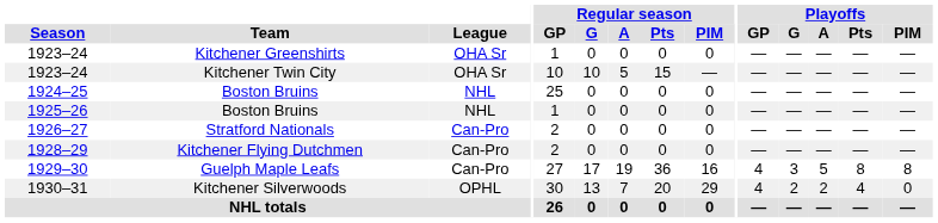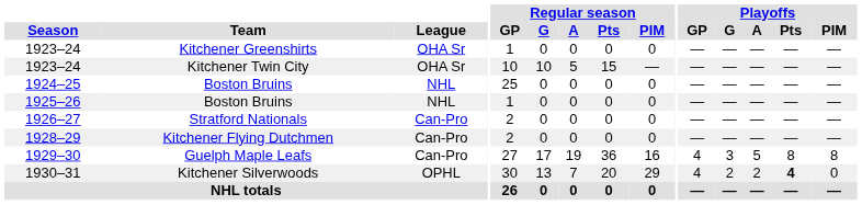 <table border="0" cellpadding="1" cellspacing="0" style="text-align:center; width:60em">
 <tr bgcolor="#e0e0e0">
 <th colspan="3" bgcolor="#ffffff"></th>
 <th rowspan="100" bgcolor="#ffffff"></th>
 <th colspan="5"><a href='#'>Regular season</a></th>
 <th rowspan="100" bgcolor="#ffffff"></th>
 <th colspan="5"><a href='#'>Playoffs</a></th>
 </tr>
 <tr bgcolor="#e0e0e0">
 <th><a href='#'>Season</a></th>
 <th>Team</th>
 <th>League</th>
 <th>GP</th>
 <th><a href='#'>G</a></th>
 <th><a href='#'>A</a></th>
 <th><a href='#'>Pts</a></th>
 <th><a href='#'>PIM</a></th>
 <th>GP</th>
 <th>G</th>
 <th>A</th>
 <th>Pts</th>
 <th>PIM</th>
 </tr>
 <tr>
 <td>1923–24</td>
 <td><a href='#'>Kitchener Greenshirts</a></td>
 <td><a href='#'>OHA Sr</a></td>
 <td>1</td>
 <td>0</td>
 <td>0</td>
 <td>0</td>
 <td>0</td>
 <td>—</td>
 <td>—</td>
 <td>—</td>
 <td>—</td>
 <td>—</td>
 </tr>
 <tr bgcolor="#f0f0f0">
 <td>1923–24</td>
 <td>Kitchener Twin City</td>
 <td>OHA Sr</td>
 <td>10</td>
 <td>10</td>
 <td>5</td>
 <td>15</td>
 <td>—</td>
 <td>—</td>
 <td>—</td>
 <td>—</td>
 <td>—</td>
 <td>—</td>
 </tr>
 <tr>
 <td><a href='#'>1924–25</a></td>
 <td><a href='#'>Boston Bruins</a></td>
 <td><a href='#'>NHL</a></td>
 <td>25</td>
 <td>0</td>
 <td>0</td>
 <td>0</td>
 <td>0</td>
 <td>—</td>
 <td>—</td>
 <td>—</td>
 <td>—</td>
 <td>—</td>
 </tr>
 <tr bgcolor="#f0f0f0">
 <td><a href='#'>1925–26</a></td>
 <td>Boston Bruins</td>
 <td>NHL</td>
 <td>1</td>
 <td>0</td>
 <td>0</td>
 <td>0</td>
 <td>0</td>
 <td>—</td>
 <td>—</td>
 <td>—</td>
 <td>—</td>
 <td>—</td>
 </tr>
 <tr>
 <td><a href='#'>1926–27</a></td>
 <td><a href='#'>Stratford Nationals</a></td>
 <td><a href='#'>Can-Pro</a></td>
 <td>2</td>
 <td>0</td>
 <td>0</td>
 <td>0</td>
 <td>0</td>
 <td>—</td>
 <td>—</td>
 <td>—</td>
 <td>—</td>
 <td>—</td>
 </tr>
 <tr bgcolor="#f0f0f0">
 <td><a href='#'>1928–29</a></td>
 <td><a href='#'>Kitchener Flying Dutchmen</a></td>
 <td>Can-Pro</td>
 <td>2</td>
 <td>0</td>
 <td>0</td>
 <td>0</td>
 <td>0</td>
 <td>—</td>
 <td>—</td>
 <td>—</td>
 <td>—</td>
 <td>—</td>
 </tr>
 <tr>
 <td><a href='#'>1929–30</a></td>
 <td><a href='#'>Guelph Maple Leafs</a></td>
 <td>Can-Pro</td>
 <td>27</td>
 <td>17</td>
 <td>19</td>
 <td>36</td>
 <td>16</td>
 <td>4</td>
 <td>3</td>
 <td>5</td>
 <td>8</td>
 <td>8</td>
 </tr>
 <tr bgcolor="#f0f0f0">
 <td>1930–31</td>
 <td>Kitchener Silverwoods</td>
 <td>OPHL</td>
 <td>30</td>
 <td>13</td>
 <td>7</td>
 <td>20</td>
 <td>29</td>
 <td>4</td>
 <td>2</td>
 <td>2</td>
-<td>4</td>
+<td><strong>4</strong></td>
 <td>0</td>
 </tr>
 <tr bgcolor="#e0e0e0">
 <th colspan="3">NHL totals</th>
 <th>26</th>
 <th>0</th>
 <th>0</th>
 <th>0</th>
 <th>0</th>
 <th>—</th>
 <th>—</th>
 <th>—</th>
 <th>—</th>
 <th>—</th>
 </tr>
 </table>
